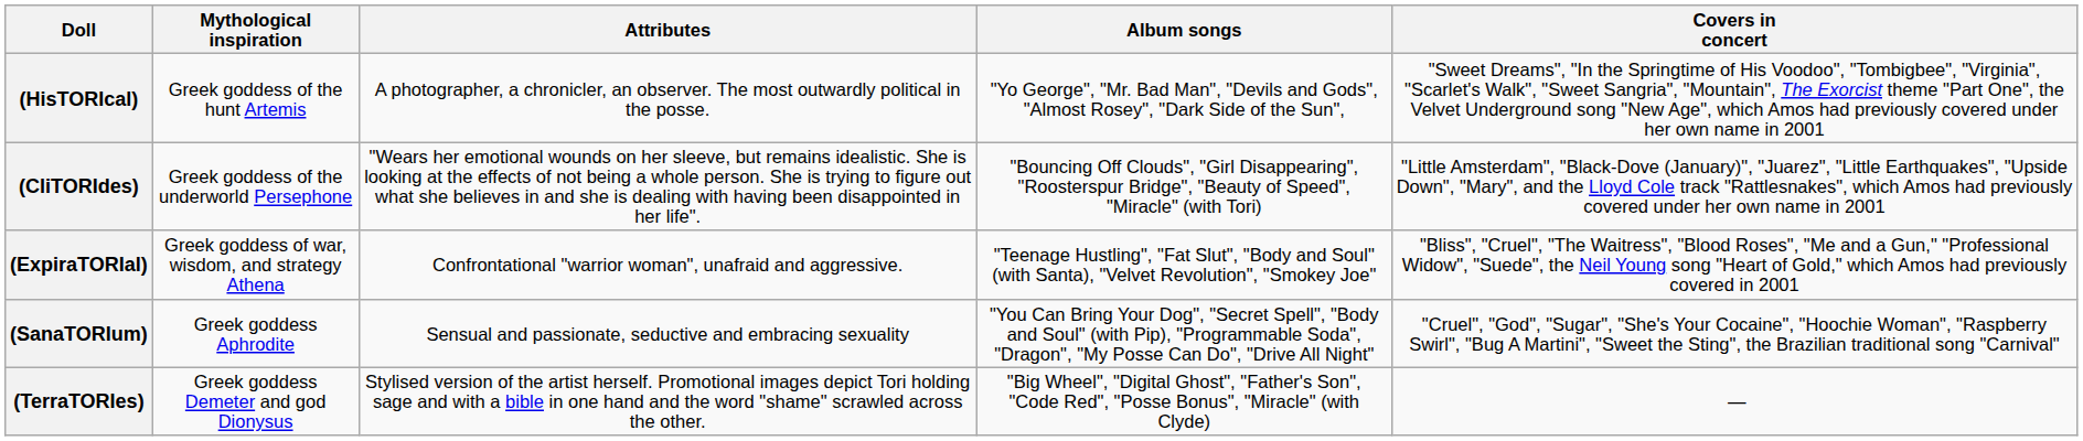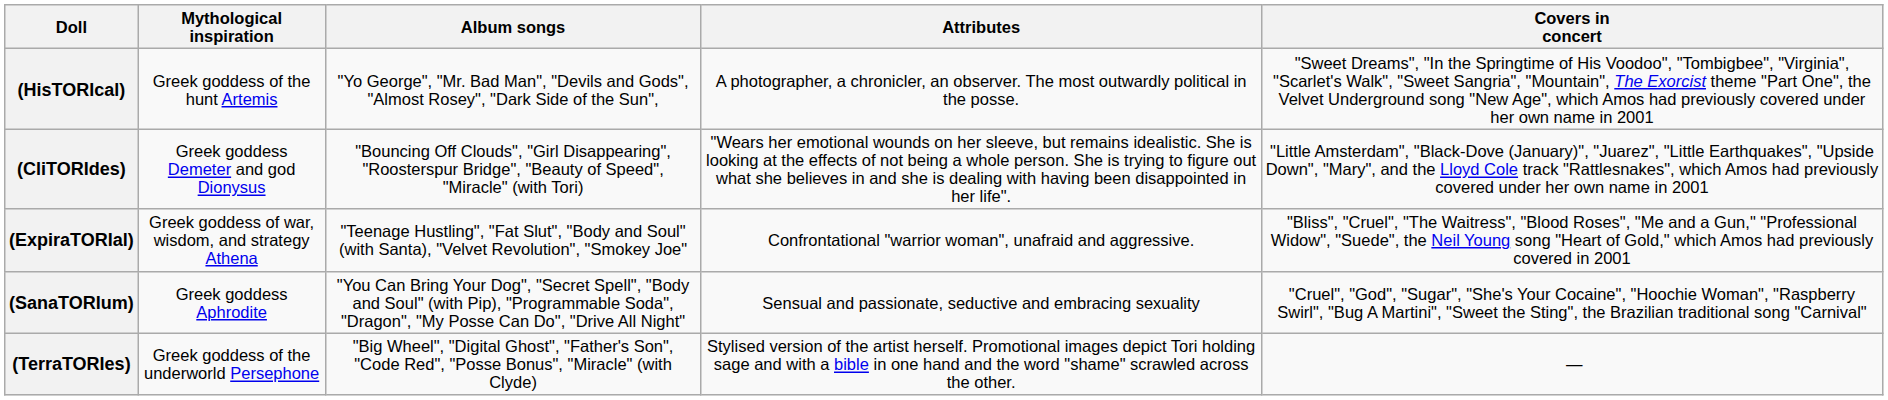 <table class="wikitable" style="font-size:11px;text-align:center">
 <tr>
 <th>Doll</th>
 <th>Mythological<br>inspiration</th>
+<th>Album songs</th>
 <th>Attributes</th>
-<th>Album songs</th>
 <th>Covers in<br>concert</th>
 </tr>
 <tr>
 <th style="font-size:12px"> (HisTORIcal)</th>
 <td>Greek goddess of the hunt <a href='#'>Artemis</a></td>
+<td>"Yo George", "Mr. Bad Man", "Devils and Gods", "Almost Rosey", "Dark Side of the Sun",</td>
 <td>A photographer, a chronicler, an observer. The most outwardly political in the posse.</td>
-<td>"Yo George", "Mr. Bad Man", "Devils and Gods", "Almost Rosey", "Dark Side of the Sun",</td>
 <td>"Sweet Dreams", "In the Springtime of His Voodoo", "Tombigbee", "Virginia", "Scarlet's Walk", "Sweet Sangria", "Mountain", <em><a href='#'>The Exorcist</a></em> theme "Part One", the Velvet Underground song "New Age", which Amos had previously covered under her own name in 2001</td>
 </tr>
 <tr>
 <th style="font-size:12px"> (CliTORIdes)</th>
-<td>Greek goddess of the underworld <a href='#'>Persephone</a></td>
+<td>Greek goddess <a href='#'>Demeter</a> and god <a href='#'>Dionysus</a></td>
+<td>"Bouncing Off Clouds", "Girl Disappearing", "Roosterspur Bridge", "Beauty of Speed", "Miracle" (with Tori)</td>
 <td>"Wears her emotional wounds on her sleeve, but remains idealistic. She is looking at the effects of not being a whole person. She is trying to figure out what she believes in and she is dealing with having been disappointed in her life".</td>
-<td>"Bouncing Off Clouds", "Girl Disappearing", "Roosterspur Bridge", "Beauty of Speed", "Miracle" (with Tori)</td>
 <td>"Little Amsterdam", "Black-Dove (January)", "Juarez", "Little Earthquakes", "Upside Down", "Mary", and the <a href='#'>Lloyd Cole</a> track "Rattlesnakes", which Amos had previously covered under her own name in 2001</td>
 </tr>
 <tr>
 <th style="font-size:12px"> (ExpiraTORIal)</th>
 <td>Greek goddess of war, wisdom, and strategy <a href='#'>Athena</a></td>
+<td>"Teenage Hustling", "Fat Slut", "Body and Soul" (with Santa), "Velvet Revolution", "Smokey Joe"</td>
 <td>Confrontational "warrior woman", unafraid and aggressive.</td>
-<td>"Teenage Hustling", "Fat Slut", "Body and Soul" (with Santa), "Velvet Revolution", "Smokey Joe"</td>
 <td>"Bliss", "Cruel", "The Waitress", "Blood Roses", "Me and a Gun," "Professional Widow", "Suede", the <a href='#'>Neil Young</a> song "Heart of Gold," which Amos had previously covered in 2001</td>
 </tr>
 <tr>
 <th style="font-size:12px"> (SanaTORIum)</th>
 <td>Greek goddess <a href='#'>Aphrodite</a></td>
+<td>"You Can Bring Your Dog", "Secret Spell", "Body and Soul" (with Pip), "Programmable Soda", "Dragon", "My Posse Can Do", "Drive All Night"</td>
 <td>Sensual and passionate, seductive and embracing sexuality</td>
-<td>"You Can Bring Your Dog", "Secret Spell", "Body and Soul" (with Pip), "Programmable Soda", "Dragon", "My Posse Can Do", "Drive All Night"</td>
 <td>"Cruel", "God", "Sugar", "She's Your Cocaine", "Hoochie Woman", "Raspberry Swirl", "Bug A Martini", "Sweet the Sting", the Brazilian traditional song "Carnival"</td>
 </tr>
 <tr>
 <th style="font-size:12px"> (TerraTORIes)</th>
-<td>Greek goddess <a href='#'>Demeter</a> and god <a href='#'>Dionysus</a></td>
+<td>Greek goddess of the underworld <a href='#'>Persephone</a></td>
+<td>"Big Wheel", "Digital Ghost", "Father's Son", "Code Red", "Posse Bonus", "Miracle" (with Clyde)</td>
 <td>Stylised version of the artist herself. Promotional images depict Tori holding sage and with a <a href='#'>bible</a> in one hand and the word "shame" scrawled across the other.</td>
-<td>"Big Wheel", "Digital Ghost", "Father's Son", "Code Red", "Posse Bonus", "Miracle" (with Clyde)</td>
 <td> —</td>
 </tr>
 </table>
